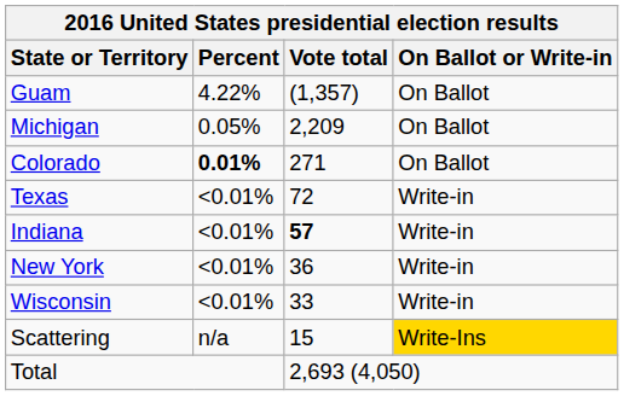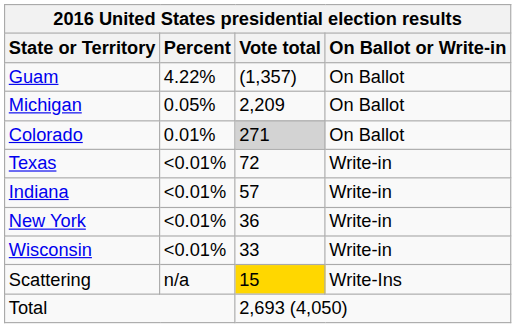 <table class="wikitable">
 <tr>
 <th colspan="4">2016 United States presidential election results <br> </th>
 </tr>
 <tr>
 <th>State or Territory</th>
 <th>Percent</th>
 <th>Vote total</th>
 <th>On Ballot or Write-in</th>
 </tr>
 <tr>
 <td><a href='#'>Guam</a></td>
 <td>4.22%</td>
 <td>(1,357)</td>
 <td>On Ballot</td>
 </tr>
 <tr>
 <td><a href='#'>Michigan</a></td>
 <td>0.05%</td>
 <td>2,209</td>
 <td>On Ballot</td>
 </tr>
 <tr>
 <td><a href='#'>Colorado</a></td>
-<td><strong>0.01%</strong></td>
-<td>271</td>
+<td>0.01%</td>
+<td style="background: lightgrey;">271</td>
 <td>On Ballot</td>
 </tr>
 <tr>
 <td><a href='#'>Texas</a></td>
 <td><0.01%</td>
 <td>72</td>
 <td>Write-in</td>
 </tr>
 <tr>
 <td><a href='#'>Indiana</a></td>
 <td><0.01%</td>
-<td><strong>57</strong></td>
+<td>57</td>
 <td>Write-in</td>
 </tr>
 <tr>
 <td><a href='#'>New York</a></td>
 <td><0.01%</td>
 <td>36</td>
 <td>Write-in</td>
 </tr>
 <tr>
 <td><a href='#'>Wisconsin</a></td>
 <td><0.01%</td>
 <td>33</td>
 <td>Write-in</td>
 </tr>
 <tr>
 <td>Scattering</td>
 <td>n/a</td>
-<td>15</td>
-<td style="background: gold;">Write-Ins</td>
+<td style="background: gold;">15</td>
+<td>Write-Ins</td>
 </tr>
 <tr>
 <td colspan="2">Total</td>
 <td colspan="2">2,693 (4,050)</td>
 </tr>
 </table>
